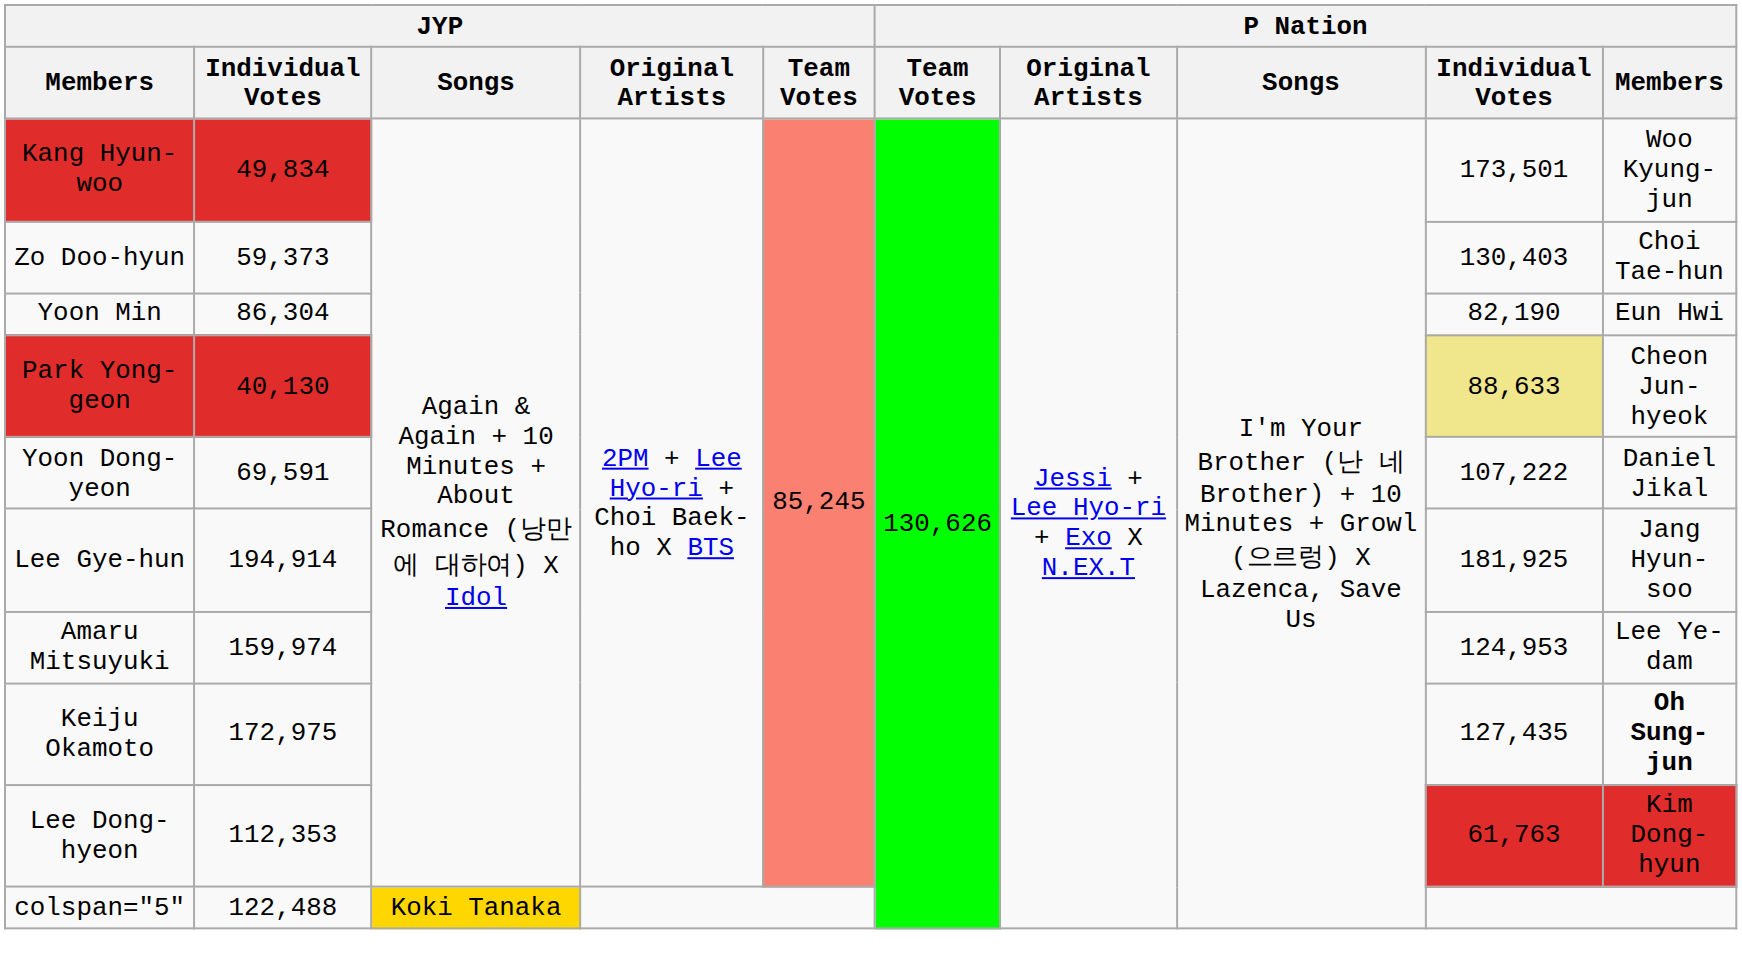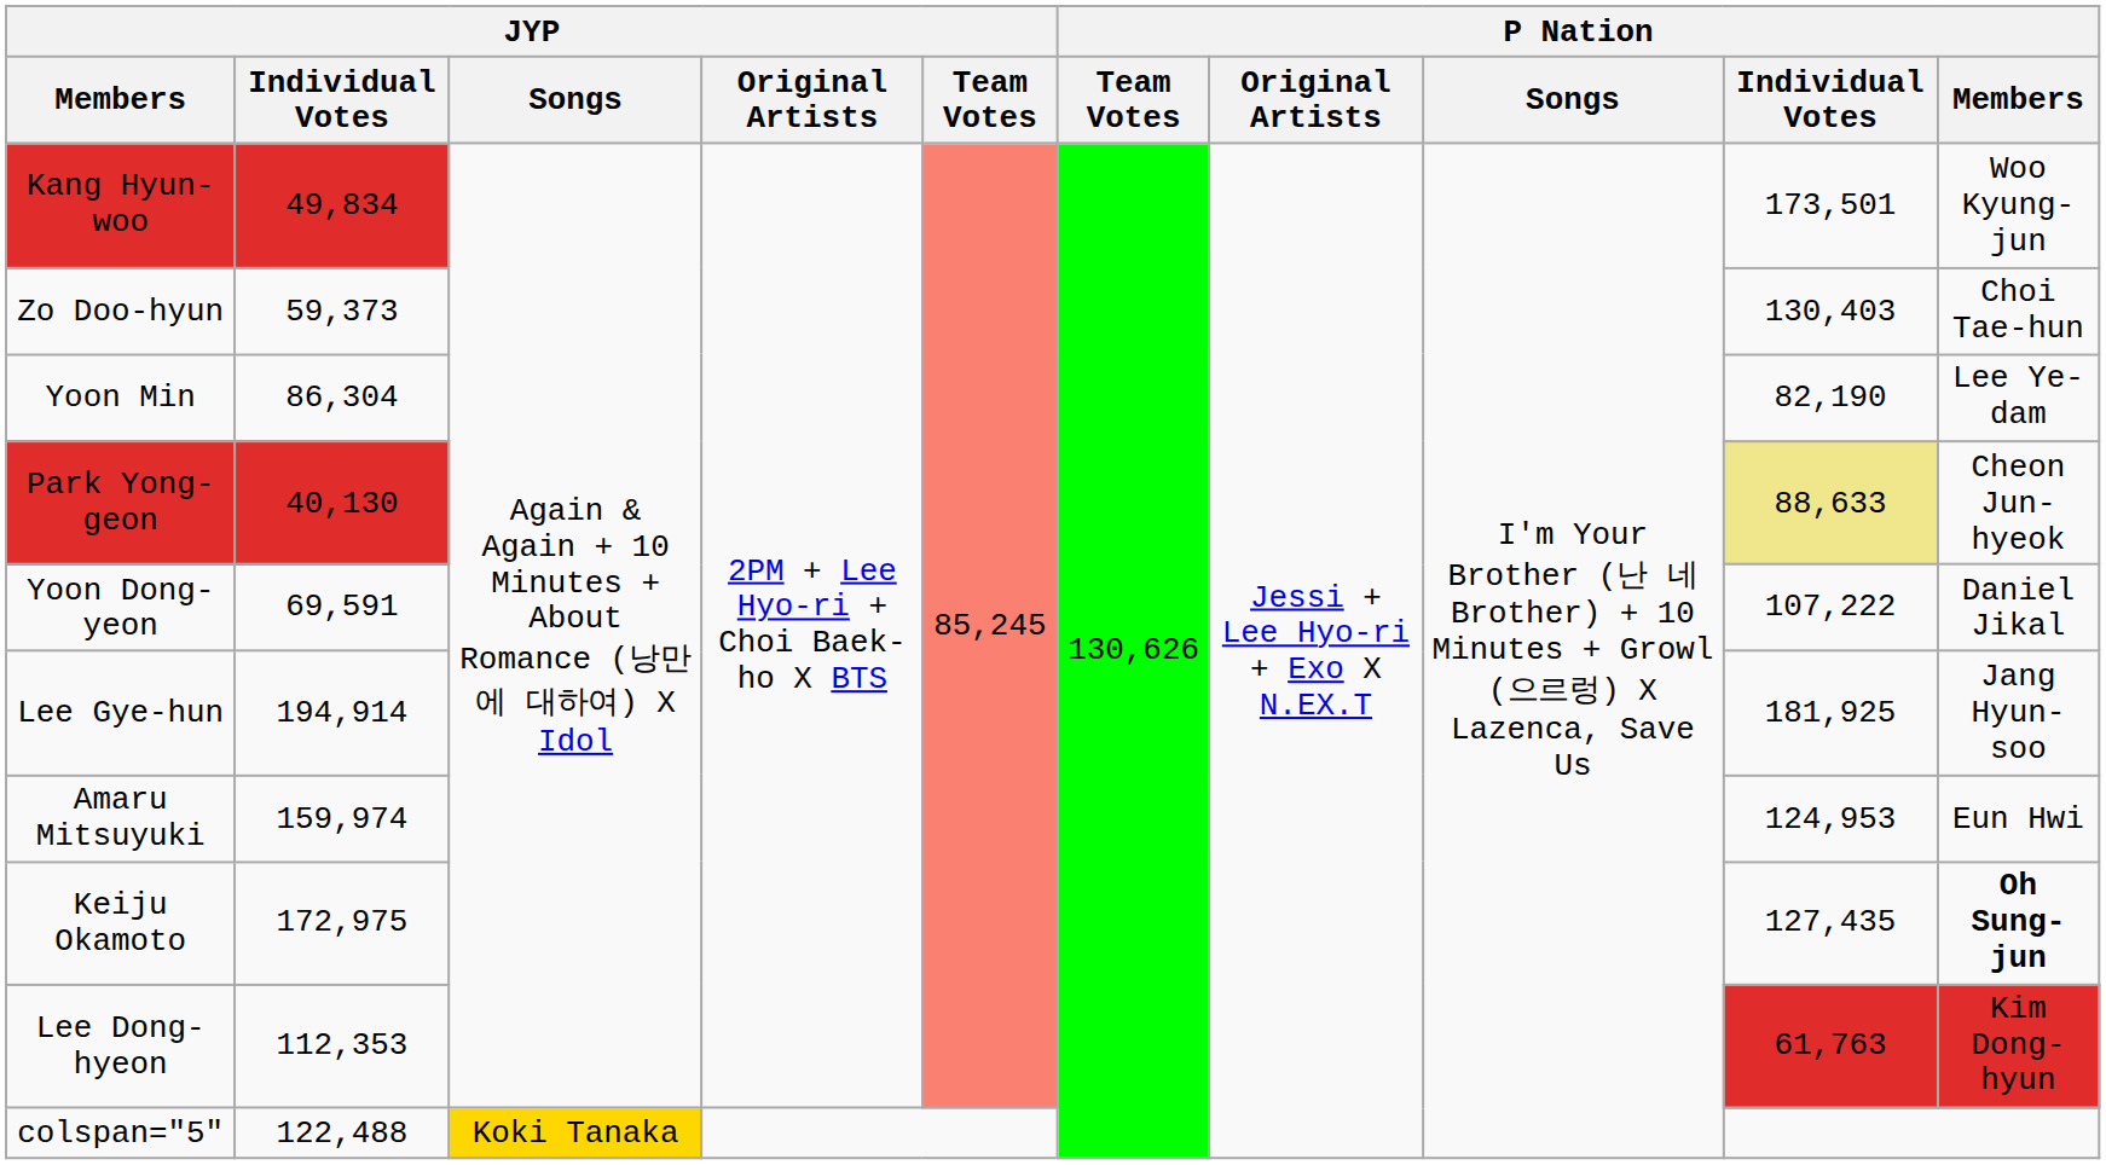 <table class="wikitable" style="text-align:center;">
 <tr>
 <th colspan="5">JYP</th>
 <th colspan="5">P Nation</th>
 </tr>
 <tr>
 <th>Members</th>
 <th>Individual Votes</th>
 <th>Songs</th>
 <th>Original Artists</th>
 <th>Team Votes</th>
 <th>Team Votes</th>
 <th>Original Artists</th>
 <th>Songs</th>
 <th>Individual Votes</th>
 <th>Members</th>
 </tr>
 <tr>
 <td style="background:#E12C2C;">Kang Hyun-woo</td>
 <td style="background:#E12C2C;">49,834</td>
 <td rowspan="9">Again & Again + 10 Minutes + About Romance (낭만에 대하여) X <a href='#'>Idol</a></td>
 <td rowspan="9"><a href='#'>2PM</a> + <a href='#'>Lee Hyo-ri</a> + Choi Baek-ho X <a href='#'>BTS</a></td>
 <td rowspan="9" style="background:salmon;">85,245</td>
 <td rowspan="10" style="background:#00FF00;">130,626</td>
 <td rowspan="10"><a href='#'>Jessi</a> + <a href='#'>Lee Hyo-ri</a> + <a href='#'>Exo</a> X <a href='#'>N.EX.T</a></td>
 <td rowspan="10">I'm Your Brother (난 네 Brother) + 10 Minutes + Growl (으르렁) X Lazenca, Save Us</td>
 <td>173,501</td>
 <td>Woo Kyung-jun</td>
 </tr>
 <tr>
 <td>Zo Doo-hyun</td>
 <td>59,373</td>
 <td>130,403</td>
 <td>Choi Tae-hun</td>
 </tr>
 <tr>
 <td>Yoon Min</td>
 <td>86,304</td>
 <td>82,190</td>
-<td>Eun Hwi</td>
+<td>Lee Ye-dam</td>
 </tr>
 <tr>
 <td style="background:#E12C2C;">Park Yong-geon</td>
 <td style="background:#E12C2C;">40,130</td>
 <td style="background: khaki;">88,633</td>
 <td>Cheon Jun-hyeok</td>
 </tr>
 <tr>
 <td>Yoon Dong-yeon</td>
 <td>69,591</td>
 <td>107,222</td>
 <td>Daniel Jikal</td>
 </tr>
 <tr>
 <td>Lee Gye-hun</td>
 <td>194,914</td>
 <td>181,925</td>
 <td>Jang Hyun-soo</td>
 </tr>
 <tr>
 <td>Amaru Mitsuyuki</td>
 <td>159,974</td>
 <td>124,953</td>
-<td>Lee Ye-dam</td>
+<td>Eun Hwi</td>
 </tr>
 <tr>
 <td>Keiju Okamoto</td>
 <td>172,975</td>
 <td>127,435</td>
 <td><strong>Oh Sung-jun</strong></td>
 </tr>
 <tr>
 <td>Lee Dong-hyeon</td>
 <td>112,353</td>
 <td style="background:#E12C2C;">61,763</td>
 <td style="background:#E12C2C;">Kim Dong-hyun</td>
 </tr>
 <tr>
 <td>colspan="5" </td>
 <td>122,488</td>
 <td style="background: gold;">Koki Tanaka</td>
 </tr>
 </table>
